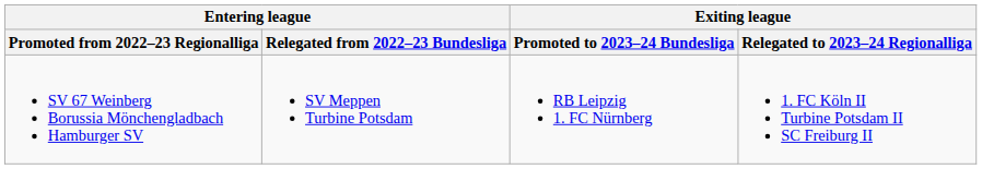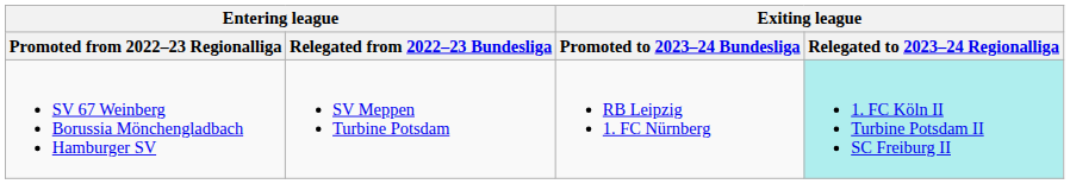 <table class="wikitable">
 <tr>
 <th colspan="2">Entering league</th>
 <th colspan="3">Exiting league</th>
 </tr>
 <tr>
 <th>Promoted from 2022–23 Regionalliga</th>
 <th>Relegated from <a href='#'>2022–23 Bundesliga</a></th>
 <th>Promoted to <a href='#'>2023–24 Bundesliga</a></th>
 <th colspan=2>Relegated to <a href='#'>2023–24 Regionalliga</a></th>
 </tr>
 <tr style="vertical-align:top;">
 <td><br><ul><li><a href='#'>SV 67 Weinberg</a></li><li><a href='#'>Borussia Mönchengladbach</a></li><li><a href='#'>Hamburger SV</a></li></ul></td>
 <td><br><ul><li><a href='#'>SV Meppen</a></li><li><a href='#'>Turbine Potsdam</a></li></ul></td>
 <td><br><ul><li><a href='#'>RB Leipzig</a></li><li><a href='#'>1. FC Nürnberg</a></li></ul></td>
-<td><br><ul><li><a href='#'>1. FC Köln II</a></li><li><a href='#'>Turbine Potsdam II</a></li><li><a href='#'>SC Freiburg II</a></li></ul></td>
+<td style="background: paleturquoise;"><br><ul><li><a href='#'>1. FC Köln II</a></li><li><a href='#'>Turbine Potsdam II</a></li><li><a href='#'>SC Freiburg II</a></li></ul></td>
 </tr>
 </table>
